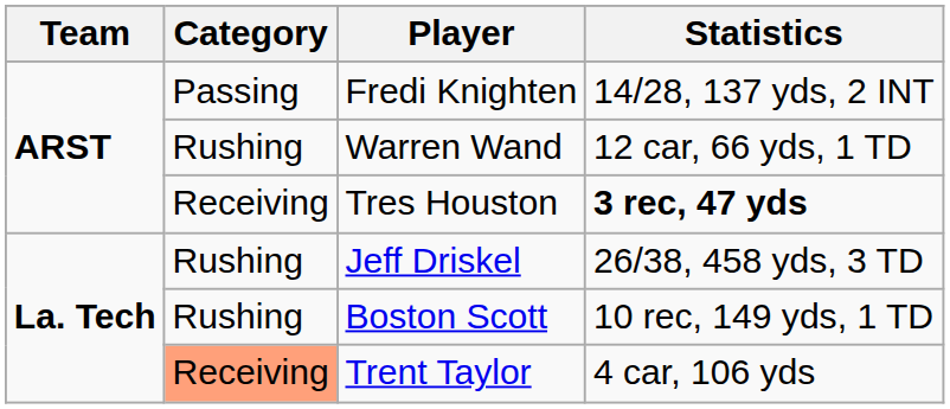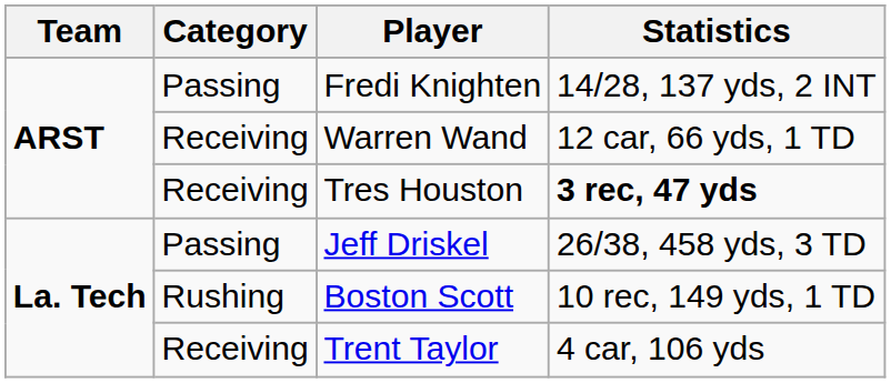 <table class="wikitable">
 <tr>
 <th>Team</th>
 <th>Category</th>
 <th>Player</th>
 <th>Statistics</th>
 </tr>
 <tr>
 <td rowspan=3><strong>ARST</strong></td>
 <td>Passing</td>
 <td>Fredi Knighten</td>
 <td>14/28, 137 yds, 2 INT</td>
 </tr>
 <tr>
-<td>Rushing</td>
+<td>Receiving</td>
 <td>Warren Wand</td>
 <td>12 car, 66 yds, 1 TD</td>
 </tr>
 <tr>
 <td>Receiving</td>
 <td>Tres Houston</td>
 <td><strong>3 rec, 47 yds</strong></td>
 </tr>
 <tr>
 <td rowspan=3><strong>La. Tech</strong></td>
-<td>Rushing</td>
+<td>Passing</td>
 <td><a href='#'>Jeff Driskel</a></td>
 <td>26/38, 458 yds, 3 TD</td>
 </tr>
 <tr>
 <td>Rushing</td>
 <td><a href='#'>Boston Scott</a></td>
 <td>10 rec, 149 yds, 1 TD</td>
 </tr>
 <tr>
-<td style="background: lightsalmon;">Receiving</td>
+<td>Receiving</td>
 <td><a href='#'>Trent Taylor</a></td>
 <td>4 car, 106 yds</td>
 </tr>
 </table>
